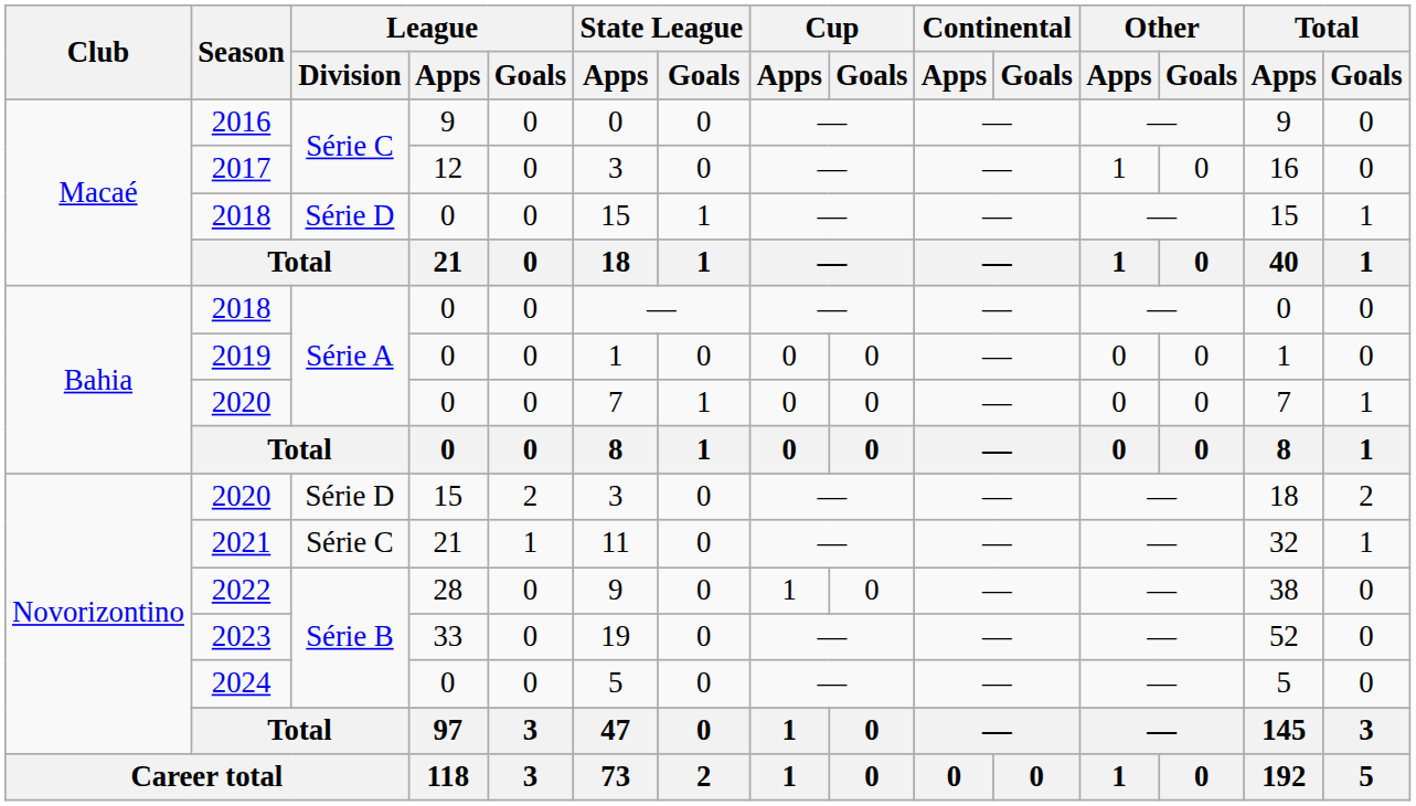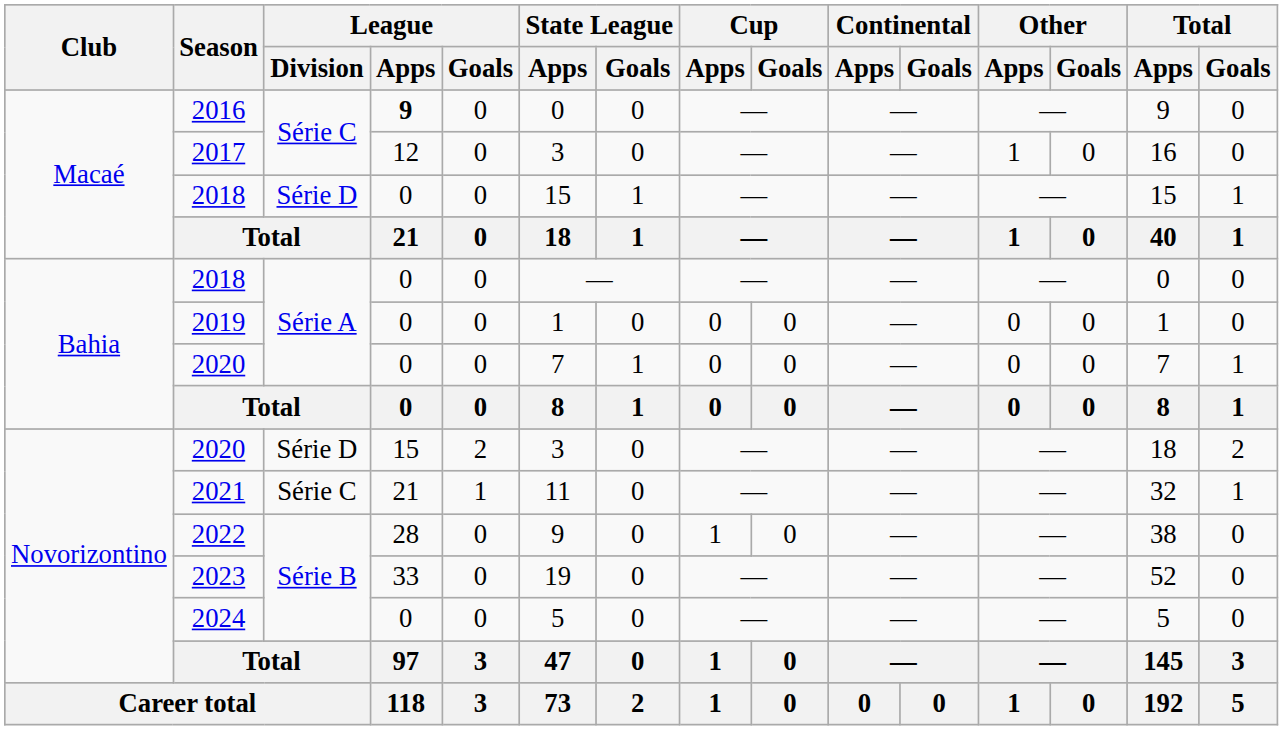 <table class="wikitable" style="text-align: center">
 <tr>
 <th rowspan="2">Club</th>
 <th rowspan="2">Season</th>
 <th colspan="3">League</th>
 <th colspan="2">State League</th>
 <th colspan="2">Cup</th>
 <th colspan="2">Continental</th>
 <th colspan="2">Other</th>
 <th colspan="2">Total</th>
 </tr>
 <tr>
 <th>Division</th>
 <th>Apps</th>
 <th>Goals</th>
 <th>Apps</th>
 <th>Goals</th>
 <th>Apps</th>
 <th>Goals</th>
 <th>Apps</th>
 <th>Goals</th>
 <th>Apps</th>
 <th>Goals</th>
 <th>Apps</th>
 <th>Goals</th>
 </tr>
 <tr>
 <td rowspan="4"><a href='#'>Macaé</a></td>
 <td><a href='#'>2016</a></td>
 <td rowspan="2"><a href='#'>Série C</a></td>
-<td>9</td>
+<td><strong>9</strong></td>
 <td>0</td>
 <td>0</td>
 <td>0</td>
 <td colspan="2">—</td>
 <td colspan="2">—</td>
 <td colspan="2">—</td>
 <td>9</td>
 <td>0</td>
 </tr>
 <tr>
 <td><a href='#'>2017</a></td>
 <td>12</td>
 <td>0</td>
 <td>3</td>
 <td>0</td>
 <td colspan="2">—</td>
 <td colspan="2">—</td>
 <td>1</td>
 <td>0</td>
 <td>16</td>
 <td>0</td>
 </tr>
 <tr>
 <td><a href='#'>2018</a></td>
 <td><a href='#'>Série D</a></td>
 <td>0</td>
 <td>0</td>
 <td>15</td>
 <td>1</td>
 <td colspan="2">—</td>
 <td colspan="2">—</td>
 <td colspan="2">—</td>
 <td>15</td>
 <td>1</td>
 </tr>
 <tr>
 <th colspan="2">Total</th>
 <th>21</th>
 <th>0</th>
 <th>18</th>
 <th>1</th>
 <th colspan="2">—</th>
 <th colspan="2">—</th>
 <th>1</th>
 <th>0</th>
 <th>40</th>
 <th>1</th>
 </tr>
 <tr>
 <td rowspan="4"><a href='#'>Bahia</a></td>
 <td><a href='#'>2018</a></td>
 <td rowspan="3"><a href='#'>Série A</a></td>
 <td>0</td>
 <td>0</td>
 <td colspan="2">—</td>
 <td colspan="2">—</td>
 <td colspan="2">—</td>
 <td colspan="2">—</td>
 <td>0</td>
 <td>0</td>
 </tr>
 <tr>
 <td><a href='#'>2019</a></td>
 <td>0</td>
 <td>0</td>
 <td>1</td>
 <td>0</td>
 <td>0</td>
 <td>0</td>
 <td colspan="2">—</td>
 <td>0</td>
 <td>0</td>
 <td>1</td>
 <td>0</td>
 </tr>
 <tr>
 <td><a href='#'>2020</a></td>
 <td>0</td>
 <td>0</td>
 <td>7</td>
 <td>1</td>
 <td>0</td>
 <td>0</td>
 <td colspan="2">—</td>
 <td>0</td>
 <td>0</td>
 <td>7</td>
 <td>1</td>
 </tr>
 <tr>
 <th colspan="2">Total</th>
 <th>0</th>
 <th>0</th>
 <th>8</th>
 <th>1</th>
 <th>0</th>
 <th>0</th>
 <th colspan="2">—</th>
 <th>0</th>
 <th>0</th>
 <th>8</th>
 <th>1</th>
 </tr>
 <tr>
 <td rowspan="6"><a href='#'>Novorizontino</a></td>
 <td><a href='#'>2020</a></td>
 <td>Série D</td>
 <td>15</td>
 <td>2</td>
 <td>3</td>
 <td>0</td>
 <td colspan="2">—</td>
 <td colspan="2">—</td>
 <td colspan="2">—</td>
 <td>18</td>
 <td>2</td>
 </tr>
 <tr>
 <td><a href='#'>2021</a></td>
 <td>Série C</td>
 <td>21</td>
 <td>1</td>
 <td>11</td>
 <td>0</td>
 <td colspan="2">—</td>
 <td colspan="2">—</td>
 <td colspan="2">—</td>
 <td>32</td>
 <td>1</td>
 </tr>
 <tr>
 <td><a href='#'>2022</a></td>
 <td rowspan="3"><a href='#'>Série B</a></td>
 <td>28</td>
 <td>0</td>
 <td>9</td>
 <td>0</td>
 <td>1</td>
 <td>0</td>
 <td colspan="2">—</td>
 <td colspan="2">—</td>
 <td>38</td>
 <td>0</td>
 </tr>
 <tr>
 <td><a href='#'>2023</a></td>
 <td>33</td>
 <td>0</td>
 <td>19</td>
 <td>0</td>
 <td colspan="2">—</td>
 <td colspan="2">—</td>
 <td colspan="2">—</td>
 <td>52</td>
 <td>0</td>
 </tr>
 <tr>
 <td><a href='#'>2024</a></td>
 <td>0</td>
 <td>0</td>
 <td>5</td>
 <td>0</td>
 <td colspan="2">—</td>
 <td colspan="2">—</td>
 <td colspan="2">—</td>
 <td>5</td>
 <td>0</td>
 </tr>
 <tr>
 <th colspan="2">Total</th>
 <th>97</th>
 <th>3</th>
 <th>47</th>
 <th>0</th>
 <th>1</th>
 <th>0</th>
 <th colspan="2">—</th>
 <th colspan="2">—</th>
 <th>145</th>
 <th>3</th>
 </tr>
 <tr>
 <th colspan="3"><strong>Career total</strong></th>
 <th>118</th>
 <th>3</th>
 <th>73</th>
 <th>2</th>
 <th>1</th>
 <th>0</th>
 <th>0</th>
 <th>0</th>
 <th>1</th>
 <th>0</th>
 <th>192</th>
 <th>5</th>
 </tr>
 </table>
